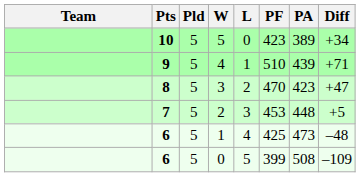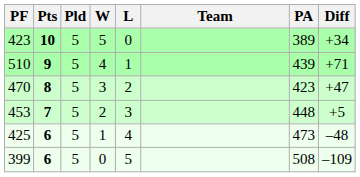 <table class=wikitable style="text-align:center">
 <tr>
-<th width=150>Team</th>
+<th width=20>PF</th>
 <th width=20>Pts</th>
 <th width=20>Pld</th>
 <th width=20>W</th>
 <th width=20>L</th>
-<th width=20>PF</th>
+<th width=150>Team</th>
 <th width=20>PA</th>
 <th>Diff</th>
 </tr>
 <tr style="background:#aaffaa">
-<td align=left></td>
+<td>423</td>
 <td><strong>10</strong></td>
 <td>5</td>
 <td>5</td>
 <td>0</td>
-<td>423</td>
+<td align=left></td>
 <td>389</td>
 <td>+34</td>
 </tr>
 <tr style="background:#aaffaa">
-<td align=left></td>
+<td>510</td>
 <td><strong>9</strong></td>
 <td>5</td>
 <td>4</td>
 <td>1</td>
-<td>510</td>
+<td align=left></td>
 <td>439</td>
 <td>+71</td>
 </tr>
 <tr style="background:#ccffcc">
-<td align=left></td>
+<td>470</td>
 <td><strong>8</strong></td>
 <td>5</td>
 <td>3</td>
 <td>2</td>
-<td>470</td>
+<td align=left></td>
 <td>423</td>
 <td>+47</td>
 </tr>
 <tr style="background:#ccffcc">
-<td align=left></td>
+<td>453</td>
 <td><strong>7</strong></td>
 <td>5</td>
 <td>2</td>
 <td>3</td>
-<td>453</td>
+<td align=left></td>
 <td>448</td>
 <td>+5</td>
 </tr>
 <tr style="background:#eeffee">
-<td align=left></td>
+<td>425</td>
 <td><strong>6</strong></td>
 <td>5</td>
 <td>1</td>
 <td>4</td>
-<td>425</td>
+<td align=left></td>
 <td>473</td>
 <td>–48</td>
 </tr>
 <tr style="background:#eeffee">
-<td align=left></td>
+<td>399</td>
 <td><strong>6</strong></td>
 <td>5</td>
 <td>0</td>
 <td>5</td>
-<td>399</td>
+<td align=left></td>
 <td>508</td>
 <td>–109</td>
 </tr>
 </table>
